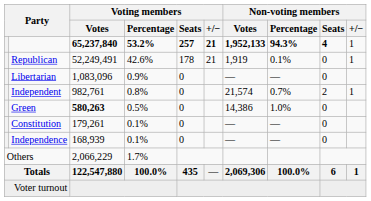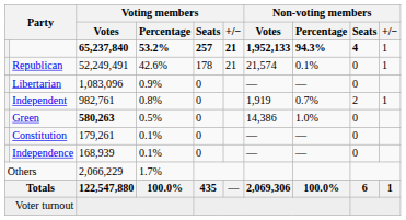 <table class=wikitable>
 <tr>
 <th colspan=2 rowspan=2>Party</th>
 <th colspan=4>Voting members</th>
 <th colspan=4>Non-voting members</th>
 </tr>
 <tr>
 <th>Votes</th>
 <th>Percentage</th>
 <th>Seats</th>
 <th>+/−</th>
 <th>Votes</th>
 <th>Percentage</th>
 <th>Seats</th>
 <th>+/−</th>
 </tr>
 <tr>
 <th style="background:"></th>
 <td nowrap></td>
 <td><strong>65,237,840</strong></td>
 <td><strong>53.2%</strong></td>
 <td><strong>257</strong></td>
 <td><strong>21</strong></td>
 <td><strong>1,952,133</strong></td>
 <td><strong>94.3%</strong></td>
 <td><strong>4</strong></td>
 <td>1</td>
 </tr>
 <tr>
 <th style="background:"></th>
 <td><a href='#'>Republican</a></td>
 <td>52,249,491</td>
 <td>42.6%</td>
 <td>178</td>
 <td>21</td>
-<td>1,919</td>
+<td>21,574</td>
 <td>0.1%</td>
 <td>0</td>
 <td>1</td>
 </tr>
 <tr>
 <th style="background:"></th>
 <td><a href='#'>Libertarian</a></td>
 <td>1,083,096</td>
 <td>0.9%</td>
 <td>0</td>
 <td></td>
 <td>—</td>
 <td>—</td>
 <td>0</td>
 <td></td>
 </tr>
 <tr>
 <th style="background:"></th>
 <td><a href='#'>Independent</a></td>
 <td>982,761</td>
 <td>0.8%</td>
 <td>0</td>
 <td></td>
-<td>21,574</td>
+<td>1,919</td>
 <td>0.7%</td>
 <td>2</td>
 <td>1</td>
 </tr>
 <tr>
 <th style="background:"></th>
 <td><a href='#'>Green</a></td>
 <td><strong>580,263</strong></td>
 <td>0.5%</td>
 <td>0</td>
 <td></td>
 <td>14,386</td>
 <td>1.0%</td>
 <td>0</td>
 <td></td>
 </tr>
 <tr>
 <th style="background:"></th>
 <td><a href='#'>Constitution</a></td>
 <td>179,261</td>
 <td>0.1%</td>
 <td>0</td>
 <td></td>
 <td>—</td>
 <td>—</td>
 <td>0</td>
 <td></td>
 </tr>
 <tr>
 <th style="background:"></th>
 <td><a href='#'>Independence</a></td>
 <td>168,939</td>
 <td>0.1%</td>
 <td>0</td>
 <td></td>
 <td>—</td>
 <td>—</td>
 <td>0</td>
 <td></td>
 </tr>
 <tr>
 <td colspan=2>Others</td>
 <td>2,066,229</td>
 <td>1.7%</td>
 <td colspan=2 style="text-align:right"></td>
 <td style="text-align:right"></td>
 <td style="text-align:right"></td>
 <td colspan=2 style="text-align:right"></td>
 </tr>
 <tr style="background:#eee; text-align:right">
 <th colspan=2>Totals</th>
 <th>122,547,880</th>
 <th>100.0%</th>
 <th>435</th>
 <th>—</th>
 <th>2,069,306</th>
 <th>100.0%</th>
 <th>6</th>
 <th>1</th>
 </tr>
 <tr style="background:#eee">
 <td colspan=2 style="text-align:right">Voter turnout</td>
 <td colspan=2 style="text-align:right"></td>
 <td colspan=4 style="text-align:right"></td>
 <td colspan=3></td>
 </tr>
 </table>
